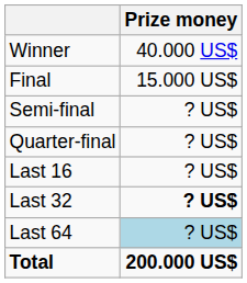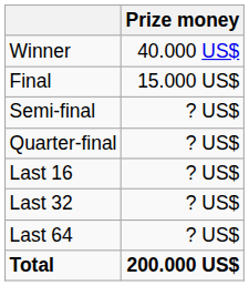 <table class="wikitable">
 <tr>
 <th></th>
 <th>Prize money</th>
 </tr>
 <tr>
 <td>Winner</td>
 <td style="text-align:right">40.000 <a href='#'>US$</a></td>
 </tr>
 <tr>
 <td>Final</td>
 <td style="text-align:right">15.000 US$</td>
 </tr>
 <tr>
 <td>Semi-final</td>
 <td style="text-align:right">? US$</td>
 </tr>
 <tr>
 <td>Quarter-final</td>
 <td style="text-align:right">? US$</td>
 </tr>
 <tr>
 <td>Last 16</td>
 <td style="text-align:right">? US$</td>
 </tr>
 <tr>
 <td>Last 32</td>
-<td style="text-align:right"><strong>? US$</strong></td>
+<td style="text-align:right">? US$</td>
 </tr>
 <tr>
 <td>Last 64</td>
-<td style="background: lightblue; text-align:right">? US$</td>
+<td style="text-align:right">? US$</td>
 </tr>
 <tr>
 <td><strong>Total</strong></td>
 <td style="text-align:right"><strong>200.000 US$</strong></td>
 </tr>
 </table>
